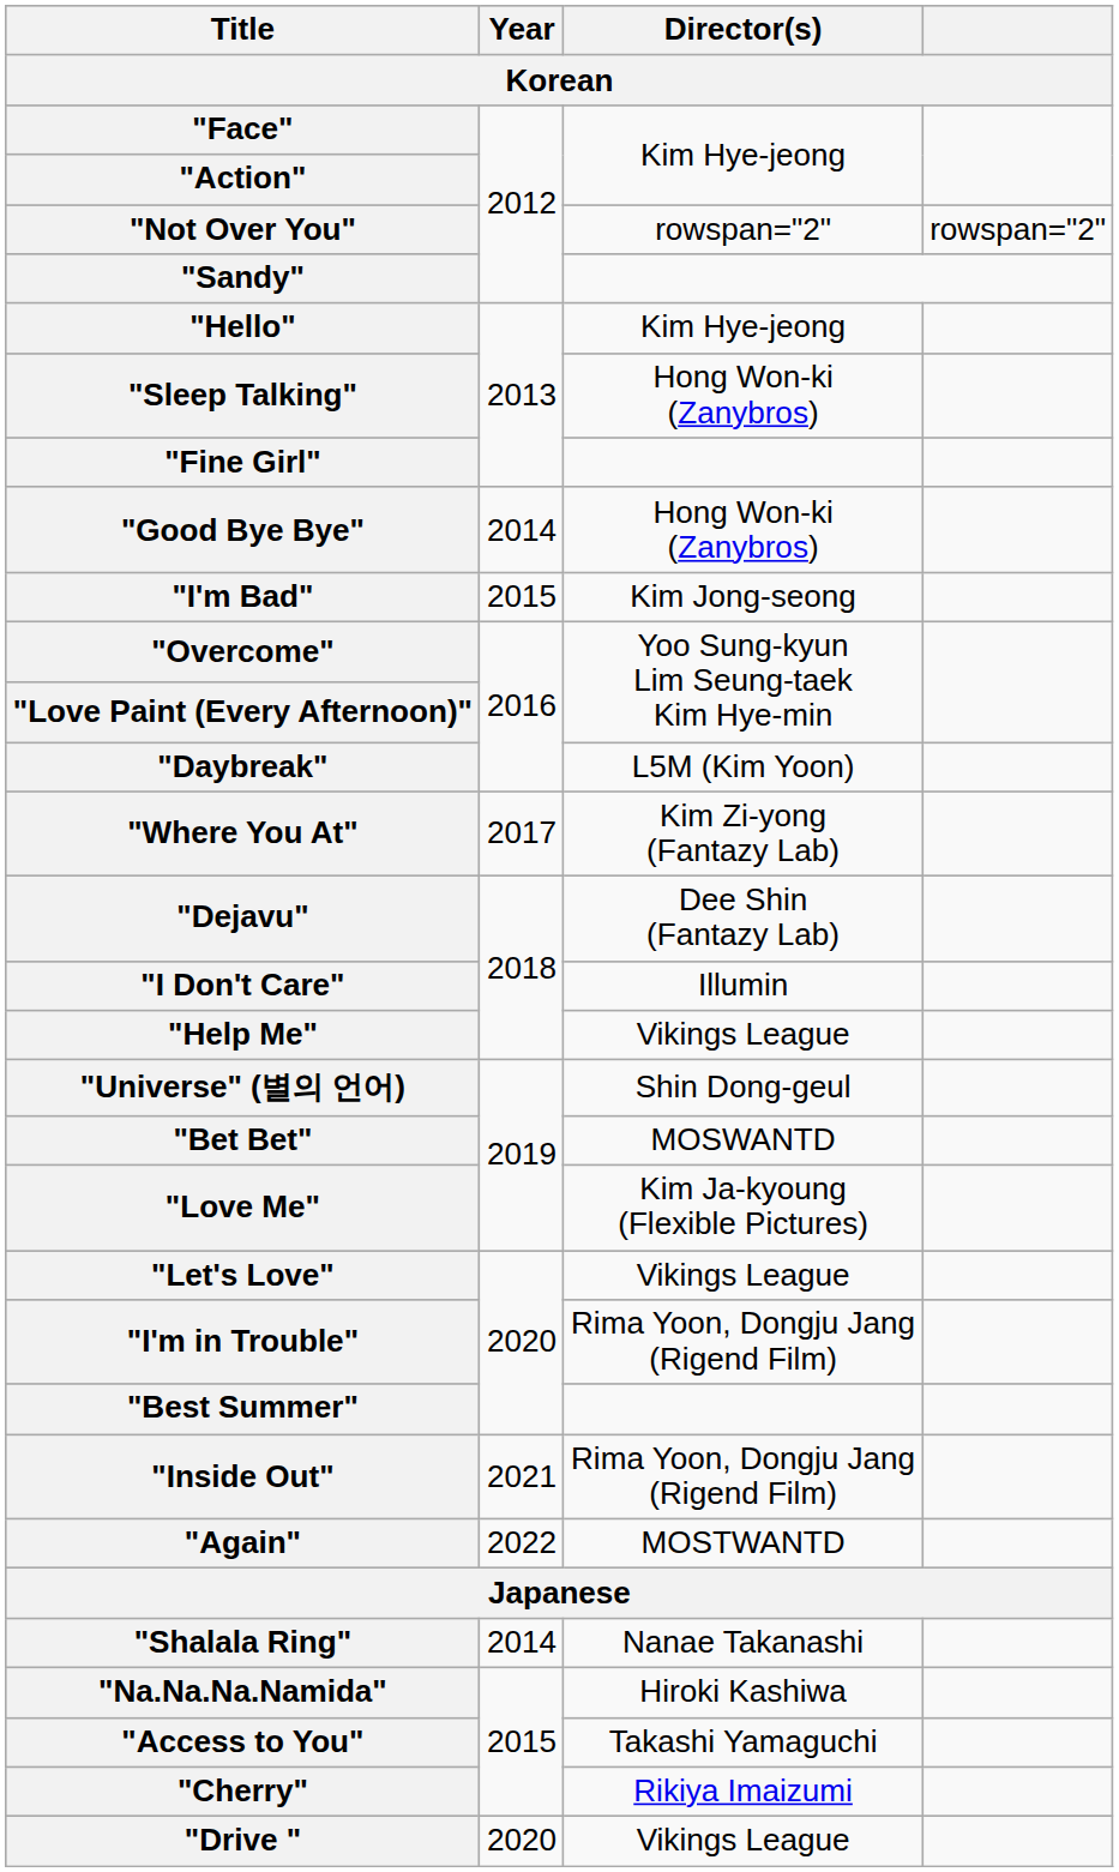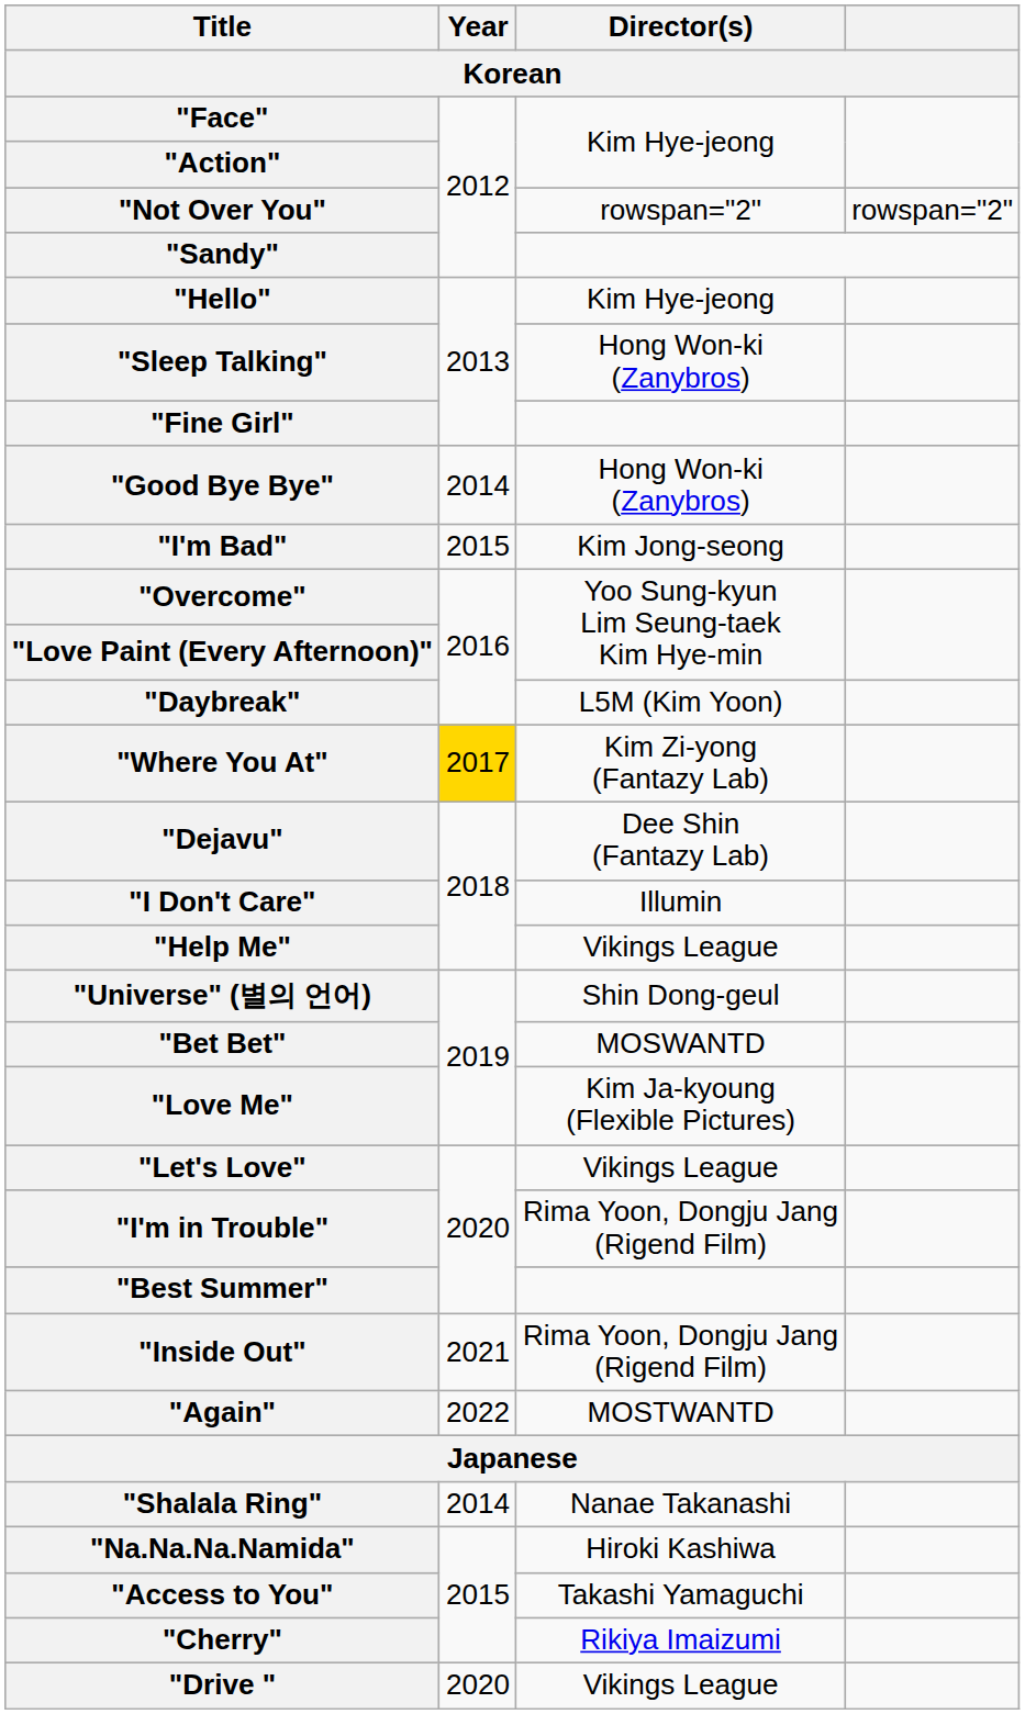 <table class="wikitable plainrowheaders" style="text-align:center">
 <tr>
 <th scope="col">Title</th>
 <th scope="col">Year</th>
 <th scope="col">Director(s)</th>
 <th scope="col"></th>
 </tr>
 <tr>
 <th colspan="4">Korean</th>
 </tr>
 <tr>
 <th scope="row">"Face"</th>
 <td rowspan="4">2012</td>
 <td rowspan="2">Kim Hye-jeong</td>
 <td rowspan="2"></td>
 </tr>
 <tr>
 <th scope="row">"Action"</th>
 </tr>
 <tr>
 <th scope="row">"Not Over You"</th>
 <td>rowspan="2" </td>
 <td>rowspan="2" </td>
 </tr>
 <tr>
 <th scope="row">"Sandy"</th>
 </tr>
 <tr>
 <th scope="row">"Hello" </th>
 <td rowspan="3">2013</td>
 <td>Kim Hye-jeong</td>
 <td></td>
 </tr>
 <tr>
 <th scope="row">"Sleep Talking" </th>
 <td>Hong Won-ki<br>(<a href='#'>Zanybros</a>)</td>
 <td></td>
 </tr>
 <tr>
 <th scope="row">"Fine Girl"</th>
 <td></td>
 <td></td>
 </tr>
 <tr>
 <th scope="row">"Good Bye Bye"</th>
 <td>2014</td>
 <td>Hong Won-ki<br>(<a href='#'>Zanybros</a>)</td>
 <td></td>
 </tr>
 <tr>
 <th scope="row">"I'm Bad"</th>
 <td>2015</td>
 <td>Kim Jong-seong</td>
 <td></td>
 </tr>
 <tr>
 <th scope="row">"Overcome" </th>
 <td rowspan="3">2016</td>
 <td rowspan="2">Yoo Sung-kyun<br>Lim Seung-taek<br>Kim Hye-min</td>
 <td rowspan="2"></td>
 </tr>
 <tr>
 <th scope="row">"Love Paint (Every Afternoon)"</th>
 </tr>
 <tr>
 <th scope="row">"Daybreak"</th>
 <td>L5M (Kim Yoon)</td>
 <td></td>
 </tr>
 <tr>
 <th scope="row">"Where You At"</th>
-<td>2017</td>
+<td style="background: gold;">2017</td>
 <td>Kim Zi-yong<br>(Fantazy Lab)</td>
 <td></td>
 </tr>
 <tr>
 <th scope="row">"Dejavu"</th>
 <td rowspan="3">2018</td>
 <td>Dee Shin<br>(Fantazy Lab)</td>
 <td></td>
 </tr>
 <tr>
 <th scope="row">"I Don't Care"</th>
 <td>Illumin</td>
 <td></td>
 </tr>
 <tr>
 <th scope="row">"Help Me"</th>
 <td>Vikings League</td>
 <td></td>
 </tr>
 <tr>
 <th scope="row">"Universe" (별의 언어)</th>
 <td rowspan="3">2019</td>
 <td>Shin Dong-geul</td>
 <td></td>
 </tr>
 <tr>
 <th scope="row">"Bet Bet"</th>
 <td>MOSWANTD</td>
 <td></td>
 </tr>
 <tr>
 <th scope="row">"Love Me"</th>
 <td>Kim Ja-kyoung<br>(Flexible Pictures)</td>
 <td></td>
 </tr>
 <tr>
 <th scope="row">"Let's Love"</th>
 <td rowspan="3">2020</td>
 <td>Vikings League</td>
 <td></td>
 </tr>
 <tr>
 <th scope="row">"I'm in Trouble"</th>
 <td>Rima Yoon, Dongju Jang <br>(Rigend Film)</td>
 <td></td>
 </tr>
 <tr>
 <th scope="row">"Best Summer"</th>
 <td></td>
 <td></td>
 </tr>
 <tr>
 <th scope="row">"Inside Out"</th>
 <td>2021</td>
 <td>Rima Yoon, Dongju Jang<br>(Rigend Film)</td>
 <td></td>
 </tr>
 <tr>
 <th scope="row">"Again"</th>
 <td>2022</td>
 <td>MOSTWANTD</td>
 <td></td>
 </tr>
 <tr>
 <th colspan="4">Japanese</th>
 </tr>
 <tr>
 <th scope="row">"Shalala Ring"</th>
 <td>2014</td>
 <td>Nanae Takanashi</td>
 <td></td>
 </tr>
 <tr>
 <th scope="row">"Na.Na.Na.Namida"</th>
 <td rowspan="3">2015</td>
 <td>Hiroki Kashiwa</td>
 <td></td>
 </tr>
 <tr>
 <th scope="row">"Access to You"</th>
 <td>Takashi Yamaguchi</td>
 <td></td>
 </tr>
 <tr>
 <th scope="row">"Cherry"</th>
 <td><a href='#'>Rikiya Imaizumi</a></td>
 <td></td>
 </tr>
 <tr>
 <th scope="row">"Drive "</th>
 <td>2020</td>
 <td>Vikings League</td>
 <td></td>
 </tr>
 <tr>
 </tr>
 </table>
